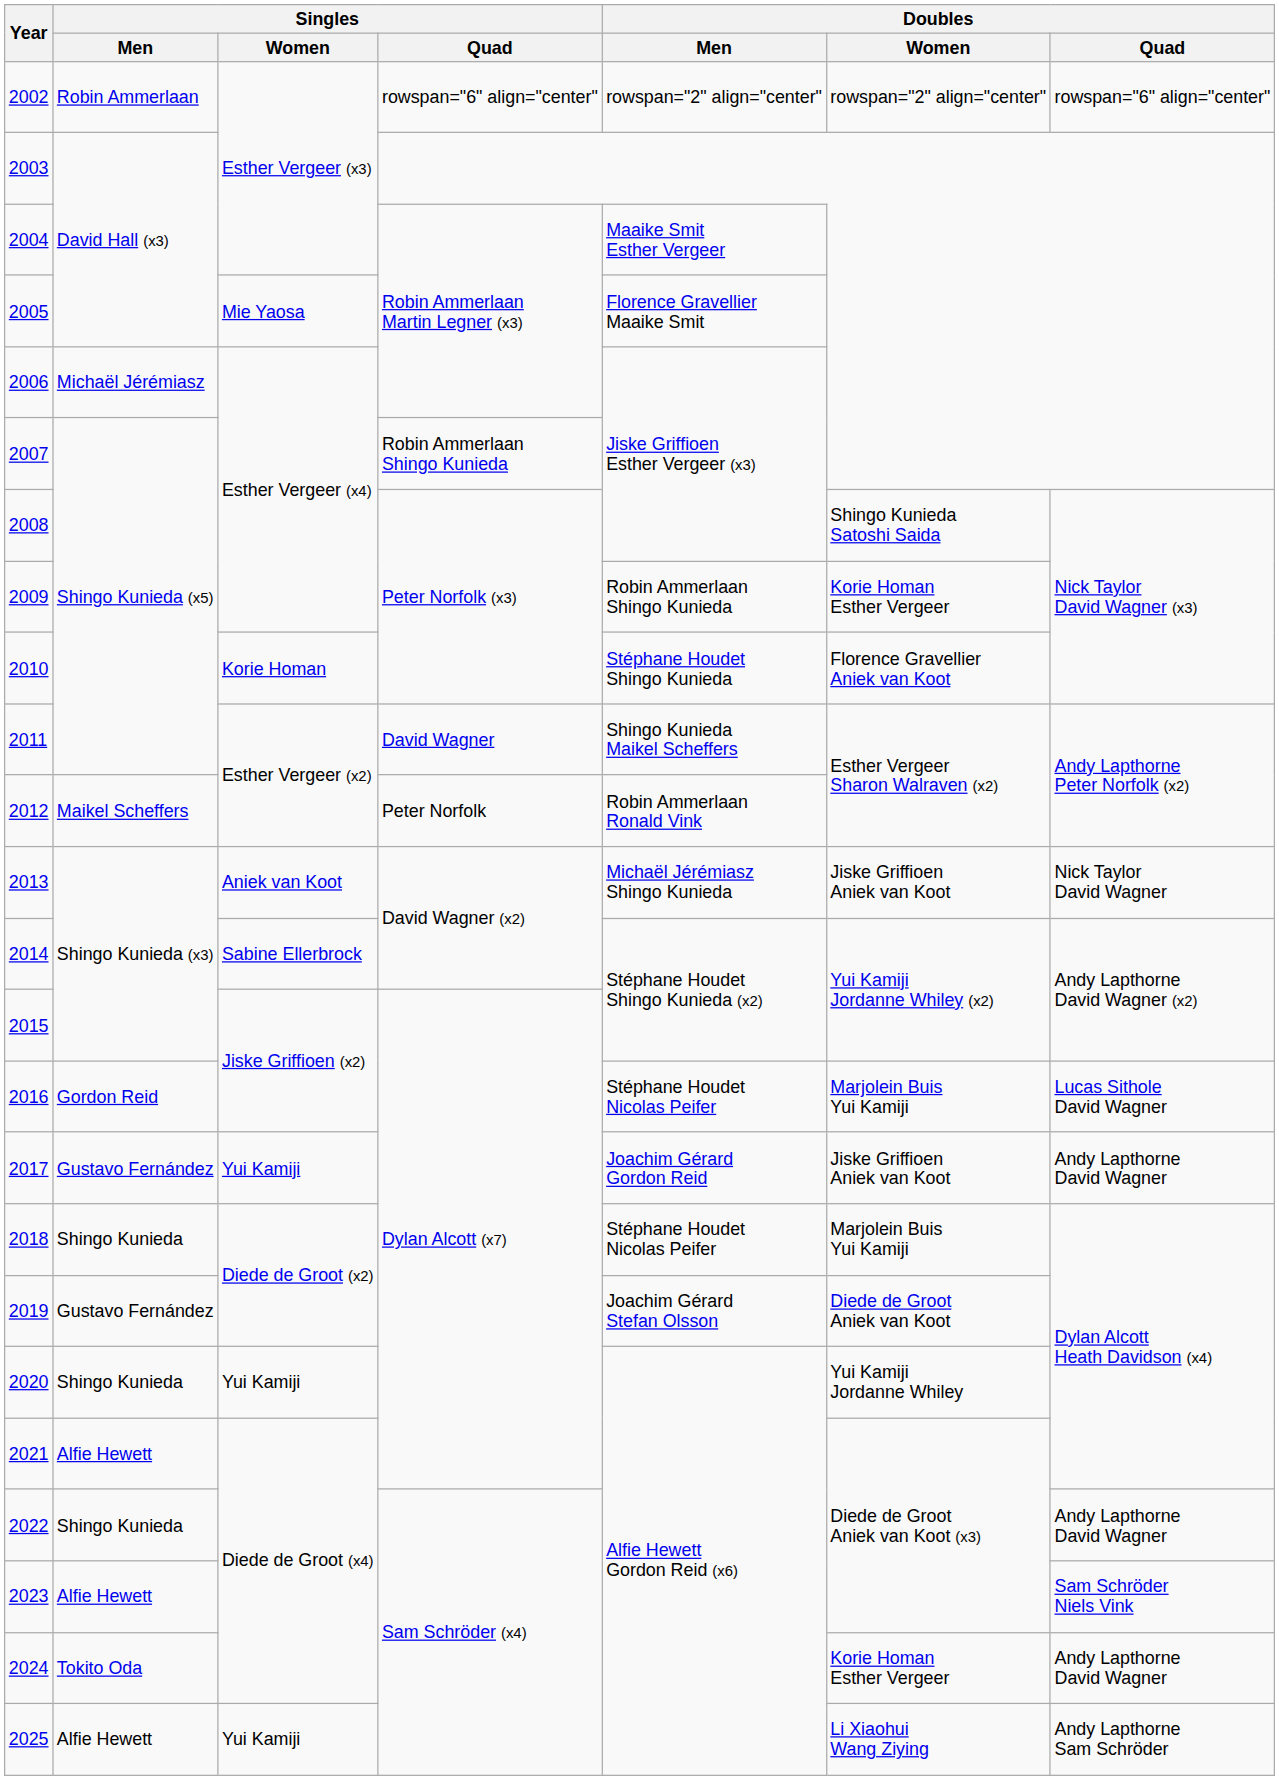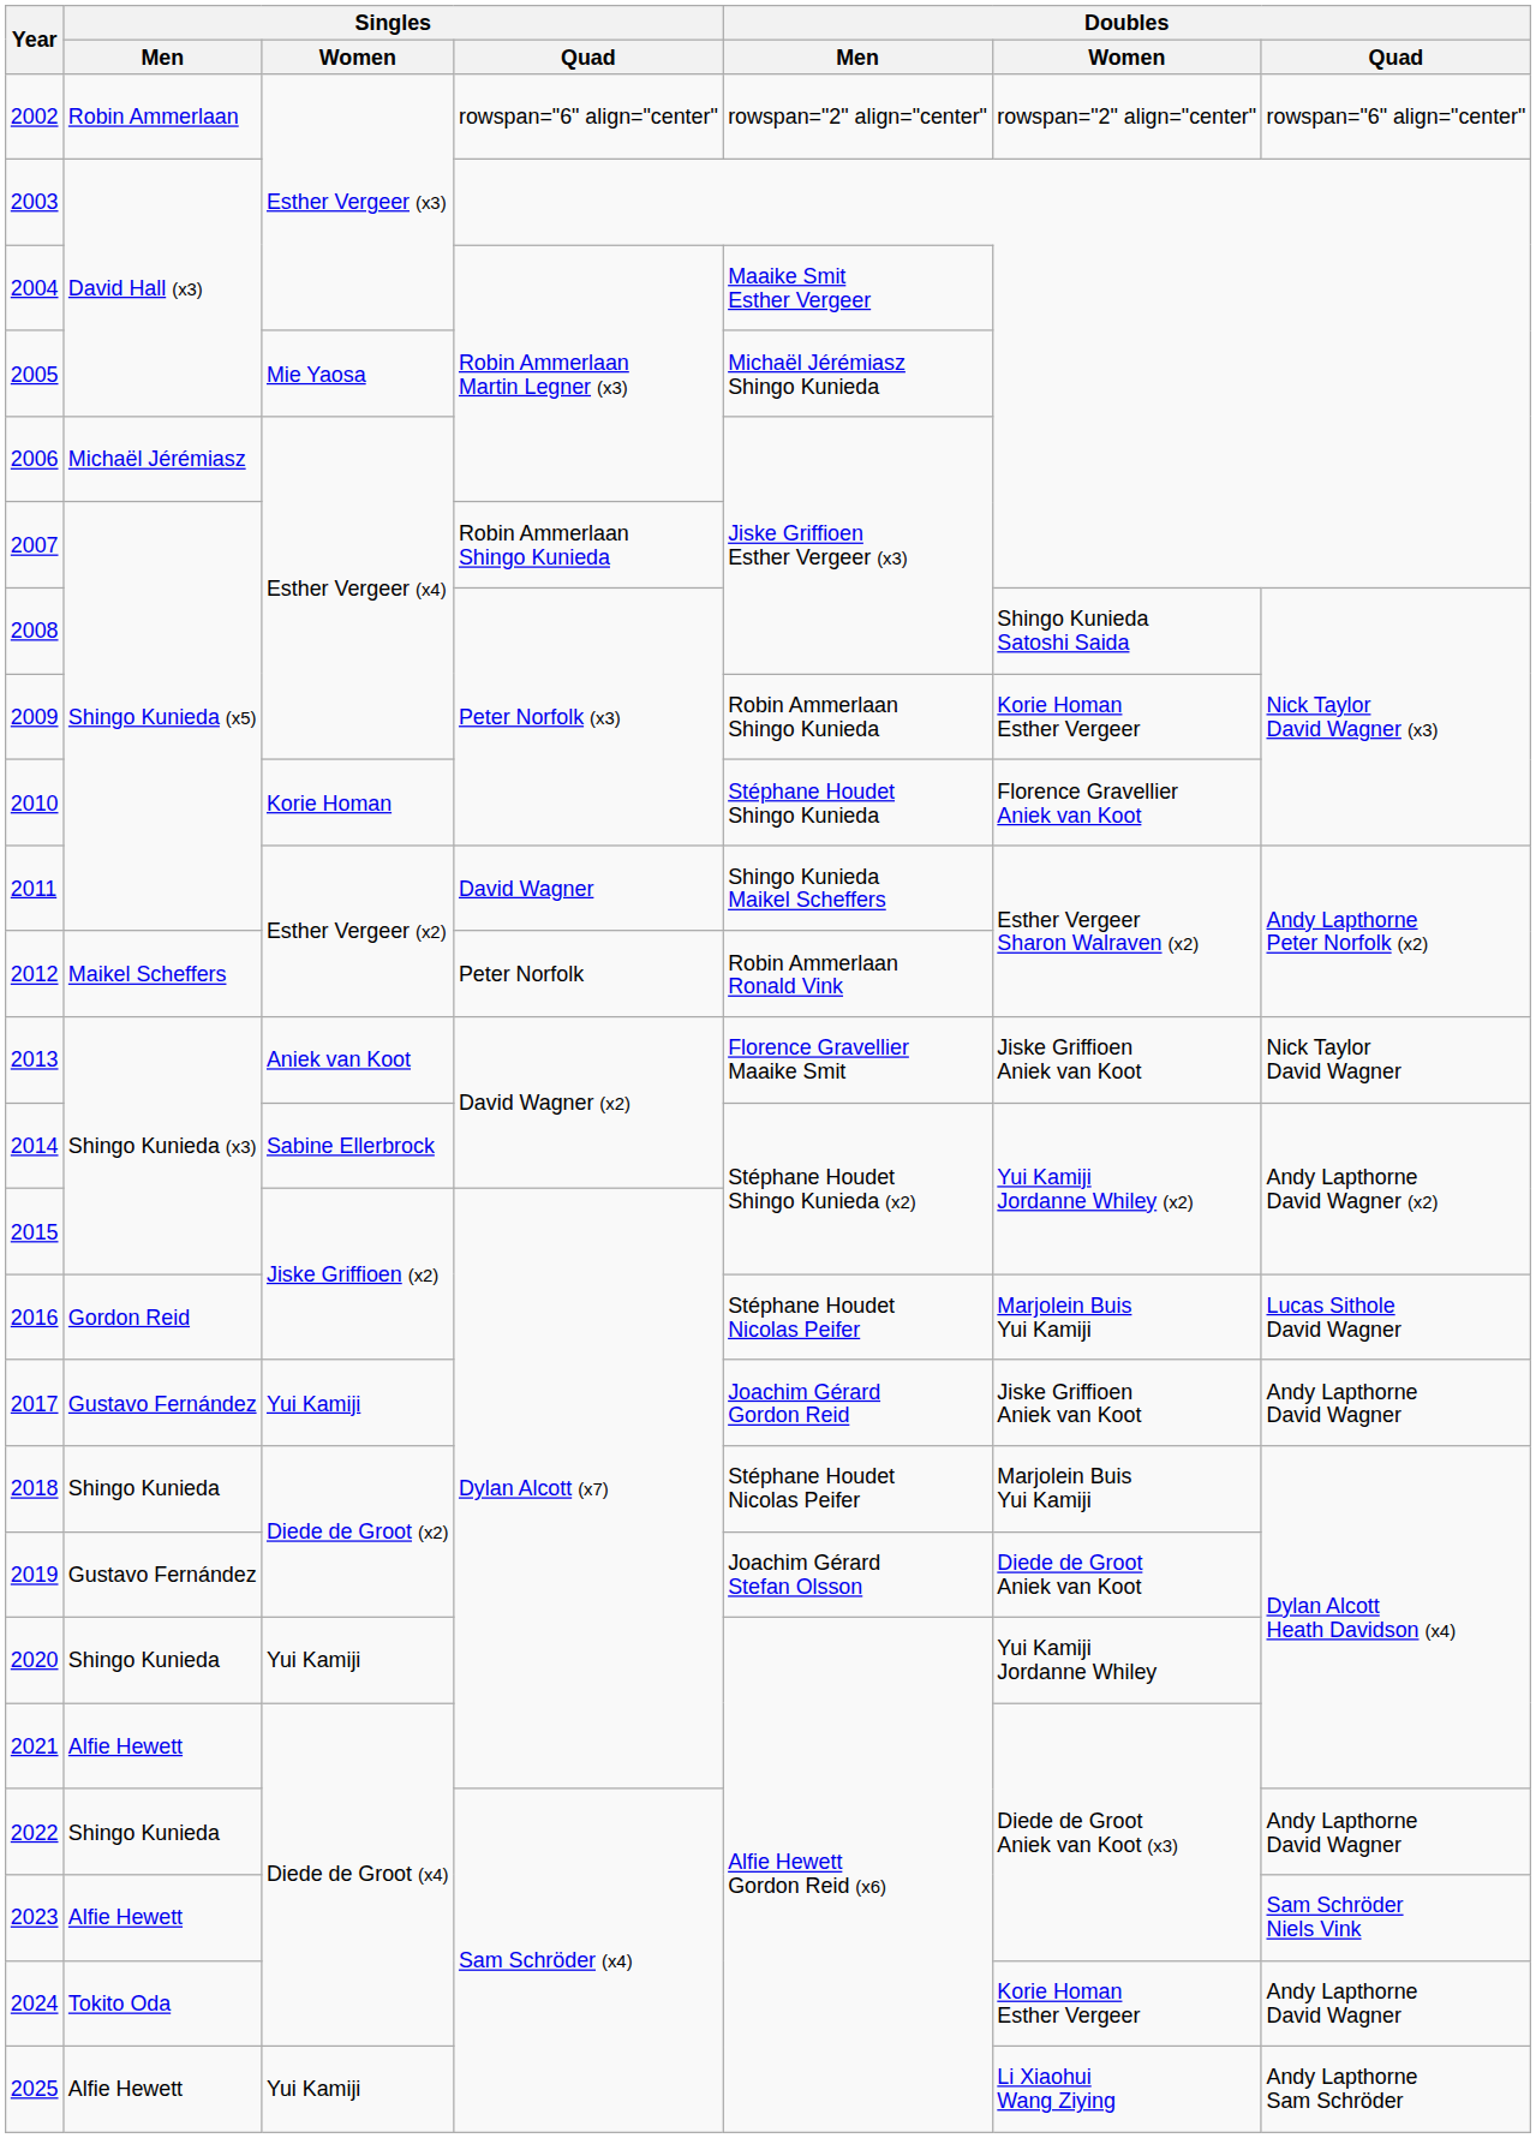 <table class="wikitable" style="font-size: 90%">
 <tr>
 <th rowspan="2">Year</th>
 <th colspan="3">Singles</th>
 <th colspan="3">Doubles</th>
 </tr>
 <tr>
 <th>Men</th>
 <th>Women</th>
 <th>Quad</th>
 <th>Men</th>
 <th>Women</th>
 <th>Quad</th>
 </tr>
 <tr style=height:4em>
 <td><a href='#'>2002</a></td>
 <td> <a href='#'>Robin Ammerlaan</a></td>
 <td rowspan="3"> <a href='#'>Esther Vergeer</a> <small>(x3)</small></td>
 <td>rowspan="6" align="center" </td>
 <td>rowspan="2" align="center" </td>
 <td>rowspan="2" align="center" </td>
 <td>rowspan="6" align="center" </td>
 </tr>
 <tr style=height:4em>
 <td><a href='#'>2003</a></td>
 <td rowspan="3"> <a href='#'>David Hall</a> <small>(x3)</small></td>
 </tr>
 <tr style=height:4em>
 <td><a href='#'>2004</a></td>
 <td rowspan="3"> <a href='#'>Robin Ammerlaan</a><br> <a href='#'>Martin Legner</a> <small>(x3)</small></td>
 <td> <a href='#'>Maaike Smit</a><br> <a href='#'>Esther Vergeer</a></td>
 </tr>
 <tr style=height:4em>
 <td><a href='#'>2005</a></td>
 <td> <a href='#'>Mie Yaosa</a></td>
-<td> <a href='#'>Florence Gravellier</a><br> Maaike Smit</td>
+<td> <a href='#'>Michaël Jérémiasz</a><br> Shingo Kunieda</td>
 </tr>
 <tr style=height:4em>
 <td><a href='#'>2006</a></td>
 <td> <a href='#'>Michaël Jérémiasz</a></td>
 <td rowspan="4"> Esther Vergeer <small>(x4)</small></td>
 <td rowspan="3"> <a href='#'>Jiske Griffioen</a><br> Esther Vergeer <small>(x3)</small></td>
 </tr>
 <tr style=height:4em>
 <td><a href='#'>2007</a></td>
 <td rowspan="5"> <a href='#'>Shingo Kunieda</a> <small>(x5)</small></td>
 <td> Robin Ammerlaan<br> <a href='#'>Shingo Kunieda</a></td>
 </tr>
 <tr style=height:4em>
 <td><a href='#'>2008</a></td>
 <td rowspan="3"> <a href='#'>Peter Norfolk</a> <small>(x3)</small></td>
 <td> Shingo Kunieda<br> <a href='#'>Satoshi Saida</a></td>
 <td rowspan="3"> <a href='#'>Nick Taylor</a><br> <a href='#'>David Wagner</a> <small>(x3)</small></td>
 </tr>
 <tr style=height:4em>
 <td><a href='#'>2009</a></td>
 <td> Robin Ammerlaan<br> Shingo Kunieda</td>
 <td> <a href='#'>Korie Homan</a><br> Esther Vergeer</td>
 </tr>
 <tr style=height:4em>
 <td><a href='#'>2010</a></td>
 <td> <a href='#'>Korie Homan</a></td>
 <td> <a href='#'>Stéphane Houdet</a><br> Shingo Kunieda</td>
 <td> Florence Gravellier<br> <a href='#'>Aniek van Koot</a></td>
 </tr>
 <tr style=height:4em>
 <td><a href='#'>2011</a></td>
 <td rowspan="2"> Esther Vergeer <small>(x2)</small></td>
 <td> <a href='#'>David Wagner</a></td>
 <td> Shingo Kunieda<br> <a href='#'>Maikel Scheffers</a></td>
 <td rowspan="2"> Esther Vergeer<br> <a href='#'>Sharon Walraven</a> <small>(x2)</small></td>
 <td rowspan="2"> <a href='#'>Andy Lapthorne</a><br> <a href='#'>Peter Norfolk</a> <small>(x2)</small></td>
 </tr>
 <tr style=height:4em>
 <td><a href='#'>2012</a></td>
 <td> <a href='#'>Maikel Scheffers</a></td>
 <td> Peter Norfolk</td>
 <td> Robin Ammerlaan<br> <a href='#'>Ronald Vink</a></td>
 </tr>
 <tr style=height:4em>
 <td><a href='#'>2013</a></td>
 <td rowspan="3"> Shingo Kunieda <small>(x3)</small></td>
 <td> <a href='#'>Aniek van Koot</a></td>
 <td rowspan="2"> David Wagner <small>(x2)</small></td>
-<td> <a href='#'>Michaël Jérémiasz</a><br> Shingo Kunieda</td>
+<td> <a href='#'>Florence Gravellier</a><br> Maaike Smit</td>
 <td> Jiske Griffioen<br> Aniek van Koot</td>
 <td> Nick Taylor<br> David Wagner</td>
 </tr>
 <tr style=height:4em>
 <td><a href='#'>2014</a></td>
 <td> <a href='#'>Sabine Ellerbrock</a></td>
 <td rowspan="2"> Stéphane Houdet<br> Shingo Kunieda <small>(x2)</small></td>
 <td rowspan="2"> <a href='#'>Yui Kamiji</a><br> <a href='#'>Jordanne Whiley</a> <small>(x2)</small></td>
 <td rowspan="2"> Andy Lapthorne<br> David Wagner <small>(x2)</small></td>
 </tr>
 <tr style=height:4em>
 <td><a href='#'>2015</a></td>
 <td rowspan="2"> <a href='#'>Jiske Griffioen</a> <small>(x2)</small></td>
 <td rowspan="7"> <a href='#'>Dylan Alcott</a> <small>(x7)</small></td>
 </tr>
 <tr style=height:4em>
 <td><a href='#'>2016</a></td>
 <td> <a href='#'>Gordon Reid</a></td>
 <td> Stéphane Houdet<br> <a href='#'>Nicolas Peifer</a></td>
 <td> <a href='#'>Marjolein Buis</a><br> Yui Kamiji</td>
 <td> <a href='#'>Lucas Sithole</a><br> David Wagner</td>
 </tr>
 <tr style=height:4em>
 <td><a href='#'>2017</a></td>
 <td> <a href='#'>Gustavo Fernández</a></td>
 <td> <a href='#'>Yui Kamiji</a></td>
 <td> <a href='#'>Joachim Gérard</a><br> <a href='#'>Gordon Reid</a></td>
 <td> Jiske Griffioen<br> Aniek van Koot</td>
 <td> Andy Lapthorne<br> David Wagner</td>
 </tr>
 <tr style=height:4em>
 <td><a href='#'>2018</a></td>
 <td> Shingo Kunieda</td>
 <td rowspan="2"> <a href='#'>Diede de Groot</a> <small>(x2)</small></td>
 <td> Stéphane Houdet<br> Nicolas Peifer</td>
 <td> Marjolein Buis<br> Yui Kamiji</td>
 <td rowspan="4"> <a href='#'>Dylan Alcott</a><br> <a href='#'>Heath Davidson</a> <small>(x4)</small></td>
 </tr>
 <tr style=height:4em>
 <td><a href='#'>2019</a></td>
 <td> Gustavo Fernández</td>
 <td> Joachim Gérard<br> <a href='#'>Stefan Olsson</a></td>
 <td> <a href='#'>Diede de Groot</a><br> Aniek van Koot</td>
 </tr>
 <tr style=height:4em>
 <td><a href='#'>2020</a></td>
 <td> Shingo Kunieda</td>
 <td> Yui Kamiji</td>
 <td rowspan="6"> <a href='#'>Alfie Hewett</a><br> Gordon Reid <small>(x6)</small></td>
 <td> Yui Kamiji<br> Jordanne Whiley</td>
 </tr>
 <tr style=height:4em>
 <td><a href='#'>2021</a></td>
 <td> <a href='#'>Alfie Hewett</a></td>
 <td rowspan="4"> Diede de Groot <small>(x4)</small></td>
 <td rowspan="3"> Diede de Groot<br> Aniek van Koot <small>(x3)</small></td>
 </tr>
 <tr style=height:4em>
 <td><a href='#'>2022</a></td>
 <td> Shingo Kunieda</td>
 <td rowspan="4"> <a href='#'>Sam Schröder</a> <small>(x4)</small></td>
 <td> Andy Lapthorne<br> David Wagner</td>
 </tr>
 <tr style=height:4em>
 <td><a href='#'>2023</a></td>
 <td> <a href='#'>Alfie Hewett</a></td>
 <td> <a href='#'>Sam Schröder</a> <br> <a href='#'>Niels Vink</a></td>
 </tr>
 <tr style=height:4em>
 <td><a href='#'>2024</a></td>
 <td> <a href='#'>Tokito Oda</a></td>
 <td> <a href='#'>Korie Homan</a><br> Esther Vergeer</td>
 <td> Andy Lapthorne <br> David Wagner</td>
 </tr>
 <tr style=height:4em>
 <td><a href='#'>2025</a></td>
 <td> Alfie Hewett</td>
 <td> Yui Kamiji</td>
 <td> <a href='#'>Li Xiaohui</a> <br> <a href='#'>Wang Ziying</a></td>
 <td> Andy Lapthorne <br> Sam Schröder</td>
 </tr>
 </table>
